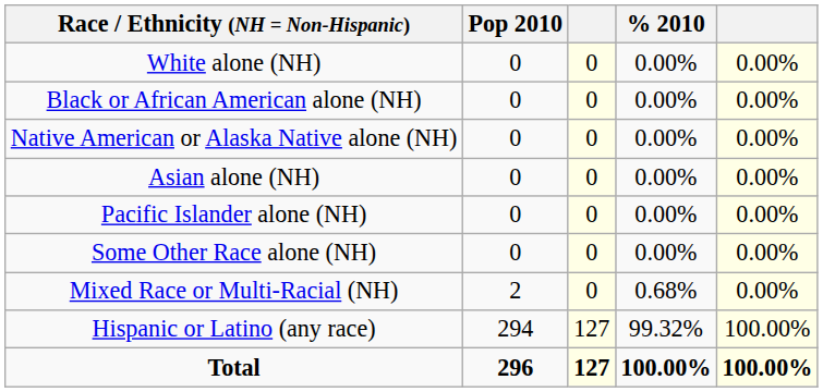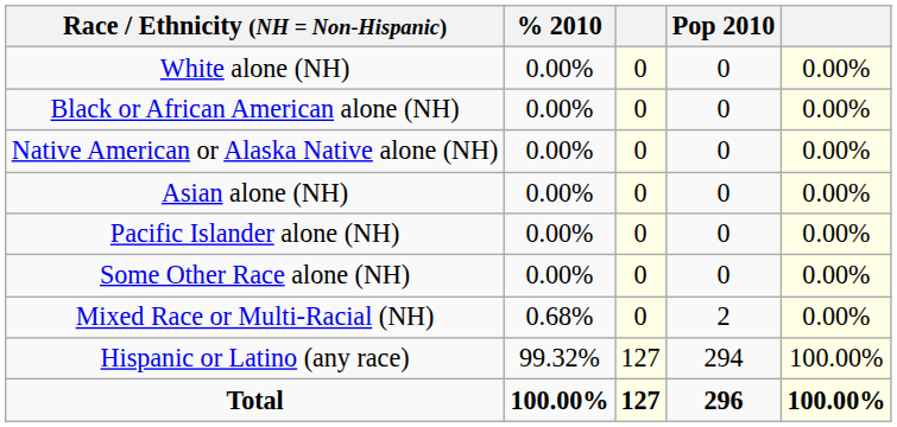 <table class="wikitable" style="text-align:center;">
 <tr>
 <th>Race / Ethnicity <small>(<em>NH = Non-Hispanic</em>)</small></th>
+<th>% 2010</th>
+<th></th>
 <th>Pop 2010</th>
-<th></th>
-<th>% 2010</th>
 <th></th>
 </tr>
 <tr>
 <td><a href='#'>White</a> alone (NH)</td>
+<td>0.00%</td>
+<td style='background: #ffffe6;'>0</td>
 <td>0</td>
-<td style='background: #ffffe6;'>0</td>
-<td>0.00%</td>
 <td style='background: #ffffe6;'>0.00%</td>
 </tr>
 <tr>
 <td><a href='#'>Black or African American</a> alone (NH)</td>
+<td>0.00%</td>
+<td style='background: #ffffe6;'>0</td>
 <td>0</td>
-<td style='background: #ffffe6;'>0</td>
-<td>0.00%</td>
 <td style='background: #ffffe6;'>0.00%</td>
 </tr>
 <tr>
 <td><a href='#'>Native American</a> or <a href='#'>Alaska Native</a> alone (NH)</td>
+<td>0.00%</td>
+<td style='background: #ffffe6;'>0</td>
 <td>0</td>
-<td style='background: #ffffe6;'>0</td>
-<td>0.00%</td>
 <td style='background: #ffffe6;'>0.00%</td>
 </tr>
 <tr>
 <td><a href='#'>Asian</a> alone (NH)</td>
+<td>0.00%</td>
+<td style='background: #ffffe6;'>0</td>
 <td>0</td>
-<td style='background: #ffffe6;'>0</td>
-<td>0.00%</td>
 <td style='background: #ffffe6;'>0.00%</td>
 </tr>
 <tr>
 <td><a href='#'>Pacific Islander</a> alone (NH)</td>
+<td>0.00%</td>
+<td style='background: #ffffe6;'>0</td>
 <td>0</td>
-<td style='background: #ffffe6;'>0</td>
-<td>0.00%</td>
 <td style='background: #ffffe6;'>0.00%</td>
 </tr>
 <tr>
 <td><a href='#'>Some Other Race</a> alone (NH)</td>
+<td>0.00%</td>
+<td style='background: #ffffe6;'>0</td>
 <td>0</td>
-<td style='background: #ffffe6;'>0</td>
-<td>0.00%</td>
 <td style='background: #ffffe6;'>0.00%</td>
 </tr>
 <tr>
 <td><a href='#'>Mixed Race or Multi-Racial</a> (NH)</td>
+<td>0.68%</td>
+<td style='background: #ffffe6;'>0</td>
 <td>2</td>
-<td style='background: #ffffe6;'>0</td>
-<td>0.68%</td>
 <td style='background: #ffffe6;'>0.00%</td>
 </tr>
 <tr>
 <td><a href='#'>Hispanic or Latino</a> (any race)</td>
+<td>99.32%</td>
+<td style='background: #ffffe6;'>127</td>
 <td>294</td>
-<td style='background: #ffffe6;'>127</td>
-<td>99.32%</td>
 <td style='background: #ffffe6;'>100.00%</td>
 </tr>
 <tr>
 <td><strong>Total</strong></td>
+<td><strong>100.00%</strong></td>
+<td style='background: #ffffe6;'><strong>127</strong></td>
 <td><strong>296</strong></td>
-<td style='background: #ffffe6;'><strong>127</strong></td>
-<td><strong>100.00%</strong></td>
 <td style='background: #ffffe6;'><strong>100.00%</strong></td>
 </tr>
 </table>
